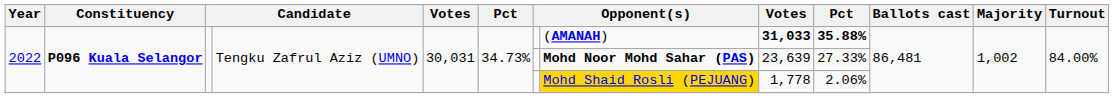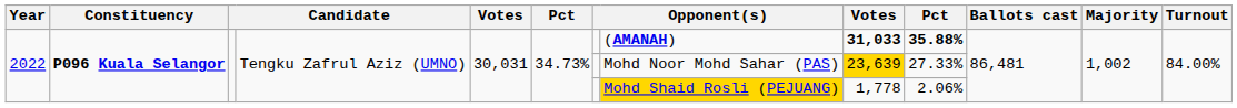 <table class="wikitable" style="margin:0.5em ; font-size:95%">
 <tr>
 <th>Year</th>
 <th>Constituency</th>
 <th colspan=2>Candidate</th>
 <th>Votes</th>
 <th>Pct</th>
 <th colspan=2>Opponent(s)</th>
 <th>Votes</th>
 <th>Pct</th>
 <th>Ballots cast</th>
 <th>Majority</th>
 <th>Turnout</th>
 </tr>
 <tr>
 <td rowspan="4"><a href='#'>2022</a></td>
 <td rowspan="4"><strong>P096 <a href='#'>Kuala Selangor</a></strong></td>
 <td rowspan="4" ></td>
 <td rowspan="4">Tengku Zafrul Aziz (<a href='#'>UMNO</a>)</td>
 <td rowspan="4" align="right">30,031</td>
 <td rowspan="4">34.73%</td>
 <td></td>
 <td> (<a href='#'><strong>AMANAH</strong></a>)</td>
 <td align="right"><strong>31,033</strong></td>
 <td><strong>35.88%</strong></td>
 <td rowspan="4">86,481</td>
 <td rowspan="4">1,002</td>
 <td rowspan="4">84.00%</td>
 </tr>
 <tr>
 <td bgcolor=></td>
-<td><strong>Mohd Noor Mohd Sahar  (<a href='#'>PAS</a>)</strong></td>
-<td align="right">23,639</td>
+<td>Mohd Noor Mohd Sahar  (<a href='#'>PAS</a>)</td>
+<td align="right" style="background: gold;">23,639</td>
 <td>27.33%</td>
 </tr>
 <tr>
 <td bgcolor=></td>
 <td style="background: gold;"><a href='#'>Mohd Shaid Rosli</a> (<a href='#'>PEJUANG</a>)</td>
 <td align="right">1,778</td>
 <td align="right">2.06%</td>
 </tr>
 <tr>
 </tr>
 </table>
